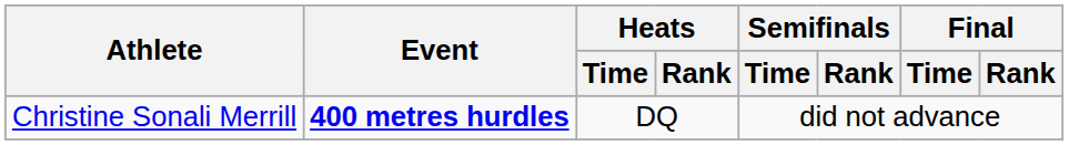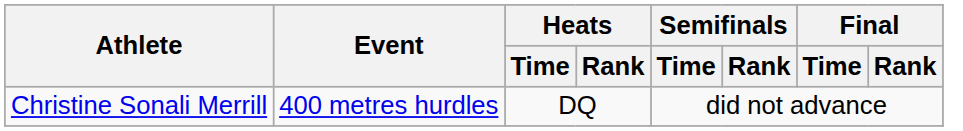 <table class=wikitable style="font-size:90%;">
 <tr>
 <th rowspan="2">Athlete</th>
 <th rowspan="2">Event</th>
 <th colspan="2">Heats</th>
 <th colspan="2">Semifinals</th>
 <th colspan="2">Final</th>
 </tr>
 <tr>
 <th>Time</th>
 <th>Rank</th>
 <th>Time</th>
 <th>Rank</th>
 <th>Time</th>
 <th>Rank</th>
 </tr>
 <tr style="border-top: single;">
 <td><a href='#'>Christine Sonali Merrill</a></td>
-<td><strong><a href='#'>400 metres hurdles</a></strong></td>
+<td><a href='#'>400 metres hurdles</a></td>
 <td align=center colspan=2>DQ</td>
 <td align=center colspan=4>did not advance</td>
 </tr>
 </table>
